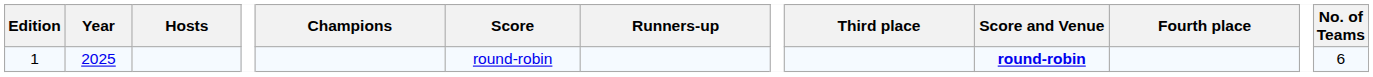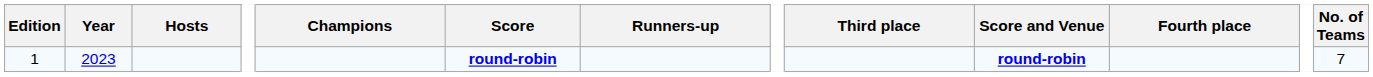 <table class="wikitable" style="text-align:center;width:100%; font-size:90%;">
 <tr>
 <th width=2%>Edition</th>
 <th width=5%>Year</th>
 <th width=8%>Hosts</th>
 <td rowspan="5" style="width:1%;background:#fff;border-top-style:hidden;border-bottom-style:hidden;"></td>
 <th style="width:14%;">Champions</th>
 <th width=10%>Score</th>
 <th style="width:14%;">Runners-up</th>
 <td rowspan="5" style="width:1%;background:#fff;border-top-style:hidden;border-bottom-style:hidden;"></td>
 <th style="width:14%;">Third place</th>
 <th width=10%>Score and Venue</th>
 <th style="width:14%;">Fourth place</th>
 <td rowspan="5" style="width:1%;background:#fff;border-top-style:hidden;border-bottom-style:hidden;"></td>
 <th width=4%>No. of Teams</th>
 </tr>
 <tr bgcolor=#F5FAFF>
 <td>1</td>
-<td><a href='#'>2025</a></td>
+<td><a href='#'>2023</a></td>
 <td align="left"></td>
 <td><strong></strong></td>
-<td><a href='#'>round-robin</a></td>
+<td><strong><a href='#'>round-robin</a></strong></td>
 <td></td>
 <td></td>
 <td><strong><a href='#'>round-robin</a></strong></td>
 <td></td>
-<td>6</td>
+<td>7</td>
 </tr>
 </table>
